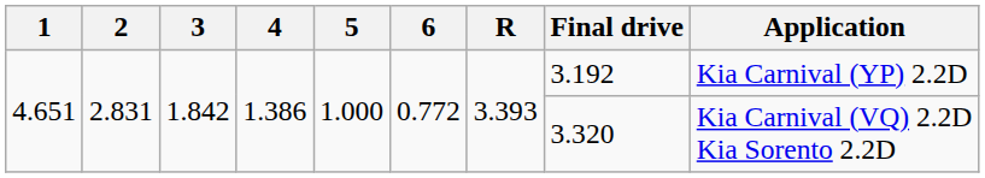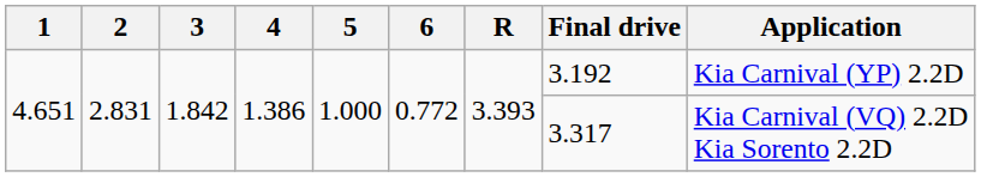 <table class=wikitable>
 <tr>
 <th>1</th>
 <th>2</th>
 <th>3</th>
 <th>4</th>
 <th>5</th>
 <th>6</th>
 <th>R</th>
 <th>Final drive</th>
 <th>Application</th>
 </tr>
 <tr>
 <td rowspan=2>4.651</td>
 <td rowspan=2>2.831</td>
 <td rowspan=2>1.842</td>
 <td rowspan=2>1.386</td>
 <td rowspan=2>1.000</td>
 <td rowspan=2>0.772</td>
 <td rowspan=2>3.393</td>
 <td>3.192</td>
 <td><a href='#'>Kia Carnival (YP)</a> 2.2D</td>
 </tr>
 <tr>
-<td>3.320</td>
+<td>3.317</td>
 <td><a href='#'>Kia Carnival (VQ)</a> 2.2D<br><a href='#'>Kia Sorento</a> 2.2D</td>
 </tr>
 </table>
